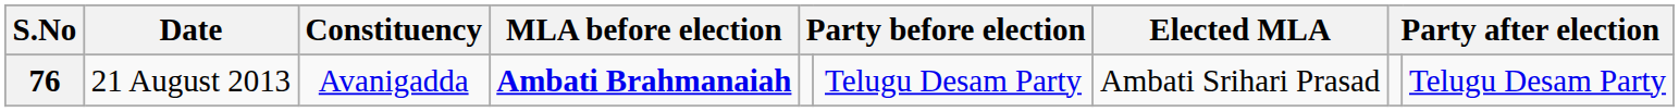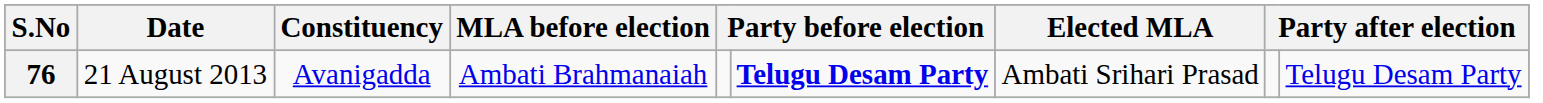 <table class="wikitable sortable" style="text-align:center;">
 <tr>
 <th>S.No</th>
 <th>Date</th>
 <th>Constituency</th>
 <th>MLA before election</th>
 <th colspan="2">Party before election</th>
 <th>Elected MLA</th>
 <th colspan="2">Party after election</th>
 </tr>
 <tr>
 <th>76</th>
 <td>21 August 2013</td>
 <td><a href='#'>Avanigadda</a></td>
-<td><strong><a href='#'>Ambati Brahmanaiah</a></strong></td>
+<td><a href='#'>Ambati Brahmanaiah</a></td>
 <td></td>
-<td><a href='#'>Telugu Desam Party</a></td>
+<td><strong><a href='#'>Telugu Desam Party</a></strong></td>
 <td>Ambati Srihari Prasad</td>
 <td></td>
 <td><a href='#'>Telugu Desam Party</a></td>
 </tr>
 </table>
